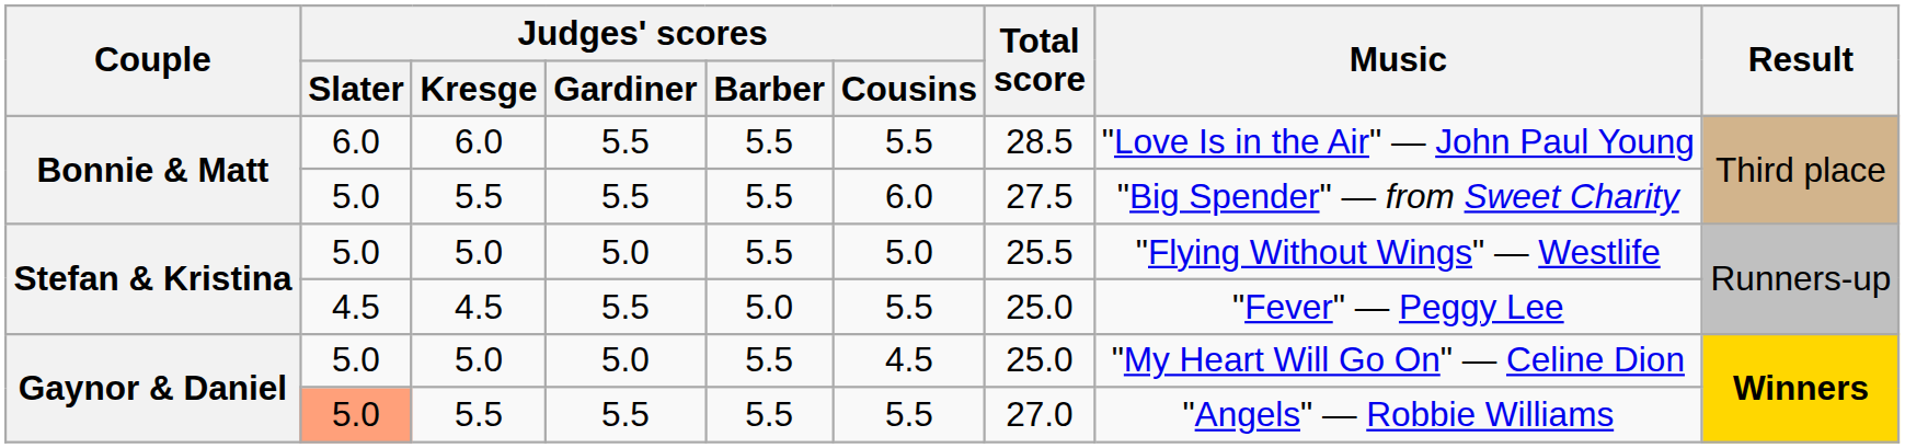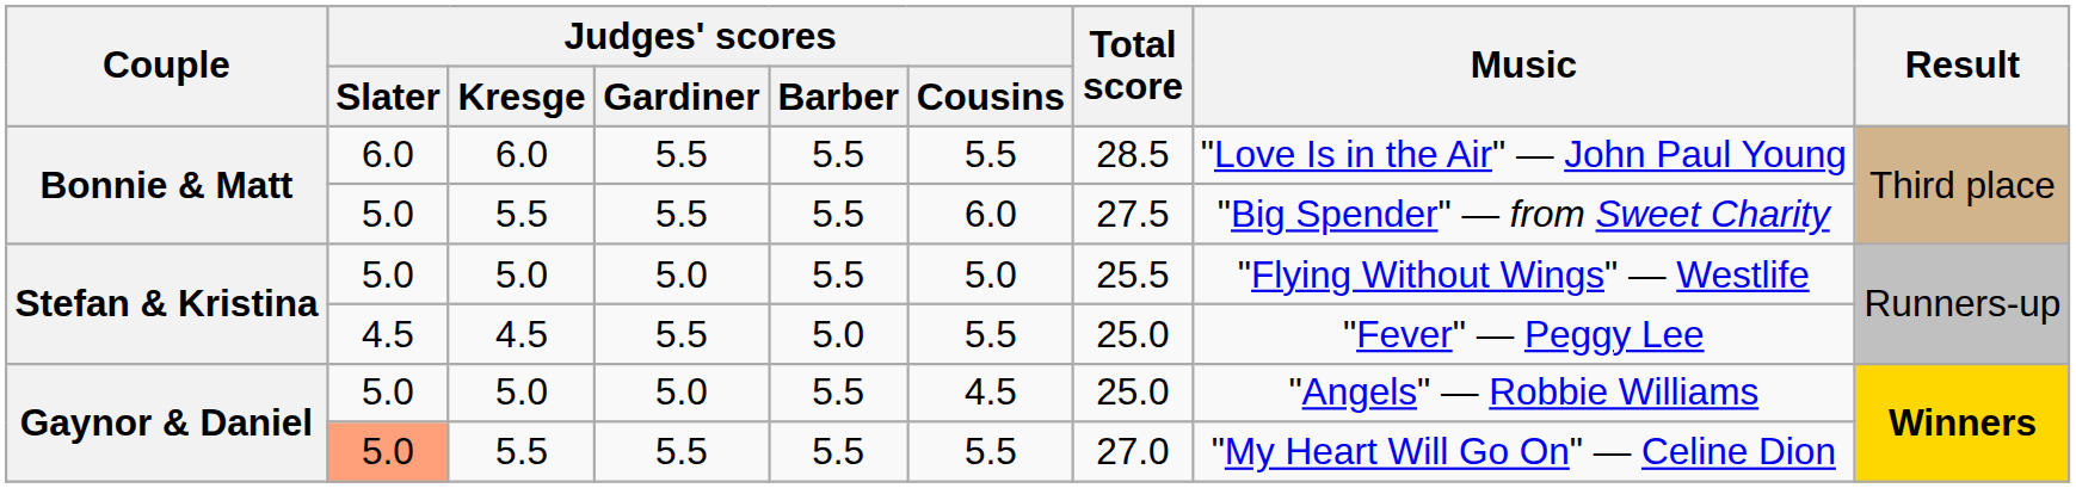 <table class="wikitable sortable" style="text-align:center; font-size:90%">
 <tr>
 <th scope="col" rowspan=2>Couple</th>
 <th scope="col" colspan=5 class="unsortable">Judges' scores</th>
 <th scope="col" rowspan=2>Total<br>score</th>
 <th scope="col" rowspan=2 class="unsortable">Music</th>
 <th scope="col" rowspan=2 class="unsortable">Result</th>
 </tr>
 <tr>
 <th class="unsortable">Slater</th>
 <th class="unsortable">Kresge</th>
 <th class="unsortable">Gardiner</th>
 <th class="unsortable">Barber</th>
 <th class="unsortable">Cousins</th>
 </tr>
 <tr>
 <th scope="row" rowspan=2>Bonnie & Matt</th>
 <td>6.0</td>
 <td>6.0</td>
 <td>5.5</td>
 <td>5.5</td>
 <td>5.5</td>
 <td>28.5</td>
 <td>"<a href='#'>Love Is in the Air</a>" — <a href='#'>John Paul Young</a></td>
 <td rowspan=2 bgcolor="tan">Third place</td>
 </tr>
 <tr>
 <td>5.0</td>
 <td>5.5</td>
 <td>5.5</td>
 <td>5.5</td>
 <td>6.0</td>
 <td>27.5</td>
 <td>"<a href='#'>Big Spender</a>" — <em>from <a href='#'>Sweet Charity</a></em></td>
 </tr>
 <tr>
 <th scope="row" rowspan=2>Stefan & Kristina</th>
 <td>5.0</td>
 <td>5.0</td>
 <td>5.0</td>
 <td>5.5</td>
 <td>5.0</td>
 <td>25.5</td>
 <td>"<a href='#'>Flying Without Wings</a>" — <a href='#'>Westlife</a></td>
 <td rowspan=2 bgcolor="silver">Runners-up</td>
 </tr>
 <tr>
 <td>4.5</td>
 <td>4.5</td>
 <td>5.5</td>
 <td>5.0</td>
 <td>5.5</td>
 <td>25.0</td>
 <td>"<a href='#'>Fever</a>" — <a href='#'>Peggy Lee</a></td>
 </tr>
 <tr>
 <th scope="row" rowspan=2>Gaynor & Daniel</th>
 <td>5.0</td>
 <td>5.0</td>
 <td>5.0</td>
 <td>5.5</td>
 <td>4.5</td>
 <td>25.0</td>
-<td>"<a href='#'>My Heart Will Go On</a>" — <a href='#'>Celine Dion</a></td>
+<td>"<a href='#'>Angels</a>" — <a href='#'>Robbie Williams</a></td>
 <td rowspan=2 bgcolor="gold"><strong>Winners</strong></td>
 </tr>
 <tr>
 <td style="background: lightsalmon;">5.0</td>
 <td>5.5</td>
 <td>5.5</td>
 <td>5.5</td>
 <td>5.5</td>
 <td>27.0</td>
-<td>"<a href='#'>Angels</a>" — <a href='#'>Robbie Williams</a></td>
+<td>"<a href='#'>My Heart Will Go On</a>" — <a href='#'>Celine Dion</a></td>
 </tr>
 </table>
